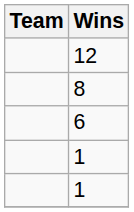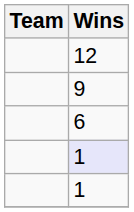 <table class="wikitable sortable">
 <tr>
 <th>Team</th>
 <th>Wins</th>
 </tr>
 <tr>
 <td></td>
 <td>12</td>
 </tr>
 <tr>
 <td></td>
-<td>8</td>
+<td>9</td>
 </tr>
 <tr>
 <td></td>
 <td>6</td>
 </tr>
 <tr>
 <td></td>
-<td>1</td>
+<td style="background: lavender;">1</td>
 </tr>
 <tr>
 <td></td>
 <td>1</td>
 </tr>
 <tr>
 </tr>
 </table>
